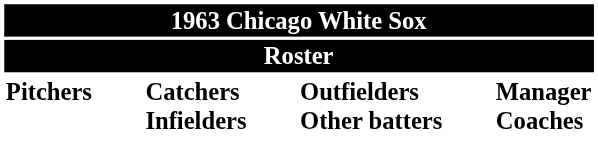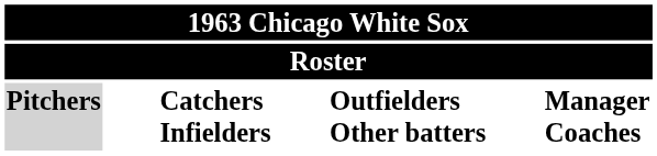 <table class="toccolours" style="font-size: 95%;">
 <tr>
 <th colspan="10" style="background-color: black; color: white; text-align: center;">1963 Chicago White Sox</th>
 </tr>
 <tr>
 <td colspan="10" style="background-color: black; color: white; text-align: center;"><strong>Roster</strong></td>
 </tr>
 <tr>
-<td valign="top"><strong>Pitchers</strong><br>                 </td>
+<td valign="top" style="background: lightgrey;"><strong>Pitchers</strong><br>                 </td>
 <td width="25px"></td>
 <td valign="top"><strong>Catchers</strong><br>   <strong>Infielders</strong>          </td>
 <td width="25px"></td>
 <td valign="top"><strong>Outfielders</strong><br>        <strong>Other batters</strong> </td>
 <td width="25px"></td>
 <td valign="top"><strong>Manager</strong><br> <strong>Coaches</strong>    </td>
 </tr>
 </table>
